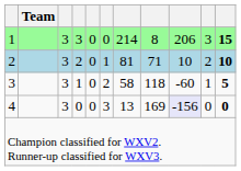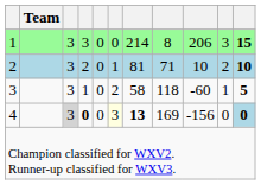 <table class="wikitable" style="text-align:center;">
 <tr>
 <th></th>
 <th>Team</th>
 <th></th>
 <th></th>
 <th></th>
 <th></th>
 <th></th>
 <th></th>
 <th></th>
 <th></th>
 <th></th>
 </tr>
 <tr bgcolor=palegreen>
 <td>1</td>
 <td align="left"></td>
 <td>3</td>
 <td>3</td>
 <td>0</td>
 <td>0</td>
 <td>214</td>
 <td>8</td>
 <td>206</td>
 <td>3</td>
 <td><strong>15</strong></td>
 </tr>
 <tr bgcolor=lightblue>
 <td>2</td>
 <td align="left"></td>
 <td>3</td>
 <td>2</td>
 <td>0</td>
 <td>1</td>
 <td>81</td>
 <td>71</td>
 <td>10</td>
 <td>2</td>
 <td><strong>10</strong></td>
 </tr>
 <tr>
 <td>3</td>
 <td align="left"></td>
 <td>3</td>
 <td>1</td>
 <td>0</td>
 <td>2</td>
 <td>58</td>
 <td>118</td>
 <td>-60</td>
 <td>1</td>
 <td><strong>5</strong></td>
 </tr>
 <tr>
 <td>4</td>
 <td align="left"></td>
-<td>3</td>
+<td style="background: lightgrey;">3</td>
+<td><strong>0</strong></td>
 <td>0</td>
+<td style="background: lightyellow;">3</td>
+<td><strong>13</strong></td>
+<td>169</td>
+<td>-156</td>
 <td>0</td>
-<td>3</td>
-<td>13</td>
-<td>169</td>
-<td style="background: lavender;">-156</td>
-<td>0</td>
-<td><strong>0</strong></td>
+<td style="background: lightblue;"><strong>0</strong></td>
 </tr>
 <tr | style="text-align:left;" |>
 <td colspan="11" style="border:0px; font-size:smaller"><br><span>Champion</span> classified for <a href='#'>WXV2</a>. <br> <span>Runner-up</span> classified for <a href='#'>WXV3</a>.</td>
 </tr>
 </table>
